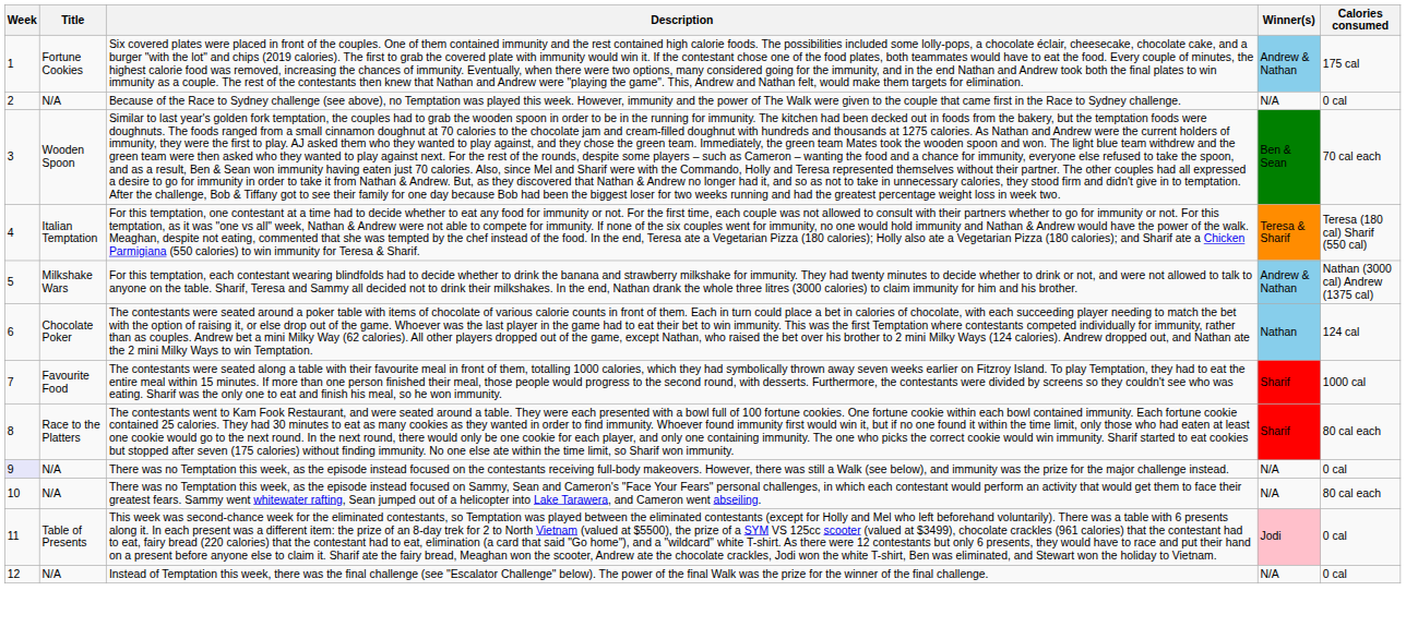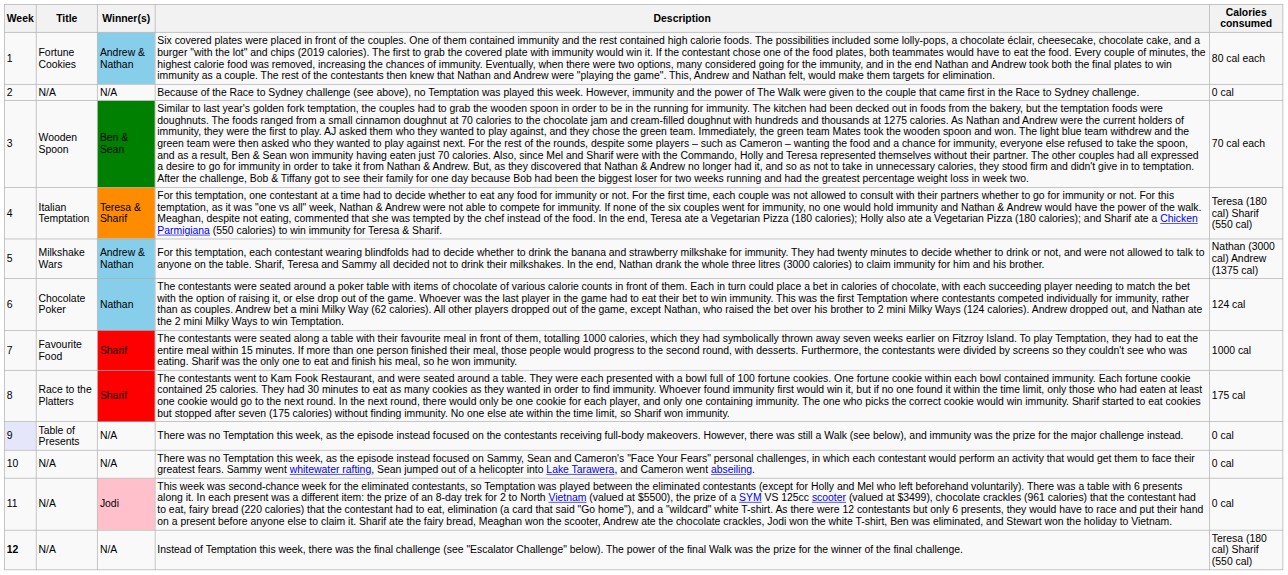 <table class="wikitable">
 <tr>
 <th>Week</th>
 <th>Title</th>
+<th>Winner(s)</th>
 <th>Description</th>
-<th>Winner(s)</th>
 <th>Calories consumed</th>
 </tr>
 <tr>
 <td>1</td>
 <td>Fortune Cookies</td>
+<td style="background:skyblue;">Andrew & Nathan</td>
 <td>Six covered plates were placed in front of the couples. One of them contained immunity and the rest contained high calorie foods. The possibilities included some lolly-pops, a chocolate éclair, cheesecake, chocolate cake, and a burger "with the lot" and chips (2019 calories). The first to grab the covered plate with immunity would win it. If the contestant chose one of the food plates, both teammates would have to eat the food. Every couple of minutes, the highest calorie food was removed, increasing the chances of immunity. Eventually, when there were two options, many considered going for the immunity, and in the end Nathan and Andrew took both the final plates to win immunity as a couple. The rest of the contestants then knew that Nathan and Andrew were "playing the game". This, Andrew and Nathan felt, would make them targets for elimination.</td>
-<td style="background:skyblue;">Andrew & Nathan</td>
-<td>175 cal</td>
+<td>80 cal each</td>
 </tr>
 <tr>
 <td>2</td>
 <td>N/A</td>
+<td>N/A</td>
 <td>Because of the Race to Sydney challenge (see above), no Temptation was played this week. However, immunity and the power of The Walk were given to the couple that came first in the Race to Sydney challenge.</td>
-<td>N/A</td>
 <td>0 cal</td>
 </tr>
 <tr>
 <td>3</td>
 <td>Wooden Spoon</td>
+<td style="background:green;"><span>Ben & Sean</span></td>
 <td>Similar to last year's golden fork temptation, the couples had to grab the wooden spoon in order to be in the running for immunity. The kitchen had been decked out in foods from the bakery, but the temptation foods were doughnuts. The foods ranged from a small cinnamon doughnut at 70 calories to the chocolate jam and cream-filled doughnut with hundreds and thousands at 1275 calories. As Nathan and Andrew were the current holders of immunity, they were the first to play. AJ asked them who they wanted to play against, and they chose the green team. Immediately, the green team Mates took the wooden spoon and won. The light blue team withdrew and the green team were then asked who they wanted to play against next. For the rest of the rounds, despite some players – such as Cameron – wanting the food and a chance for immunity, everyone else refused to take the spoon, and as a result, Ben & Sean won immunity having eaten just 70 calories. Also, since Mel and Sharif were with the Commando, Holly and Teresa represented themselves without their partner. The other couples had all expressed a desire to go for immunity in order to take it from Nathan & Andrew. But, as they discovered that Nathan & Andrew no longer had it, and so as not to take in unnecessary calories, they stood firm and didn't give in to temptation. After the challenge, Bob & Tiffany got to see their family for one day because Bob had been the biggest loser for two weeks running and had the greatest percentage weight loss in week two.</td>
-<td style="background:green;"><span>Ben & Sean</span></td>
 <td>70 cal each</td>
 </tr>
 <tr>
 <td>4</td>
 <td>Italian Temptation</td>
+<td style="background:darkorange;">Teresa & Sharif</td>
 <td>For this temptation, one contestant at a time had to decide whether to eat any food for immunity or not. For the first time, each couple was not allowed to consult with their partners whether to go for immunity or not. For this temptation, as it was "one vs all" week, Nathan & Andrew were not able to compete for immunity. If none of the six couples went for immunity, no one would hold immunity and Nathan & Andrew would have the power of the walk. Meaghan, despite not eating, commented that she was tempted by the chef instead of the food. In the end, Teresa ate a Vegetarian Pizza (180 calories); Holly also ate a Vegetarian Pizza (180 calories); and Sharif ate a <a href='#'>Chicken Parmigiana</a> (550 calories) to win immunity for Teresa & Sharif.</td>
-<td style="background:darkorange;">Teresa & Sharif</td>
 <td>Teresa (180 cal) Sharif (550 cal)</td>
 </tr>
 <tr>
 <td>5</td>
 <td>Milkshake Wars</td>
+<td style="background:skyblue;">Andrew & Nathan</td>
 <td>For this temptation, each contestant wearing blindfolds had to decide whether to drink the banana and strawberry milkshake for immunity. They had twenty minutes to decide whether to drink or not, and were not allowed to talk to anyone on the table. Sharif, Teresa and Sammy all decided not to drink their milkshakes. In the end, Nathan drank the whole three litres (3000 calories) to claim immunity for him and his brother.</td>
-<td style="background:skyblue;">Andrew & Nathan</td>
 <td>Nathan (3000 cal) Andrew (1375 cal)</td>
 </tr>
 <tr>
 <td>6</td>
 <td>Chocolate Poker</td>
+<td style="background:skyblue;">Nathan</td>
 <td>The contestants were seated around a poker table with items of chocolate of various calorie counts in front of them. Each in turn could place a bet in calories of chocolate, with each succeeding player needing to match the bet with the option of raising it, or else drop out of the game. Whoever was the last player in the game had to eat their bet to win immunity. This was the first Temptation where contestants competed individually for immunity, rather than as couples. Andrew bet a mini Milky Way (62 calories). All other players dropped out of the game, except Nathan, who raised the bet over his brother to 2 mini Milky Ways (124 calories). Andrew dropped out, and Nathan ate the 2 mini Milky Ways to win Temptation.</td>
-<td style="background:skyblue;">Nathan</td>
 <td>124 cal</td>
 </tr>
 <tr>
 <td>7</td>
 <td>Favourite Food</td>
+<td style="background:red;"><span>Sharif</span></td>
 <td>The contestants were seated along a table with their favourite meal in front of them, totalling 1000 calories, which they had symbolically thrown away seven weeks earlier on Fitzroy Island. To play Temptation, they had to eat the entire meal within 15 minutes. If more than one person finished their meal, those people would progress to the second round, with desserts. Furthermore, the contestants were divided by screens so they couldn't see who was eating. Sharif was the only one to eat and finish his meal, so he won immunity.</td>
-<td style="background:red;"><span>Sharif</span></td>
 <td>1000 cal</td>
 </tr>
 <tr>
 <td>8</td>
 <td>Race to the Platters</td>
+<td style="background:red;"><span>Sharif</span></td>
 <td>The contestants went to Kam Fook Restaurant, and were seated around a table. They were each presented with a bowl full of 100 fortune cookies. One fortune cookie within each bowl contained immunity. Each fortune cookie contained 25 calories. They had 30 minutes to eat as many cookies as they wanted in order to find immunity. Whoever found immunity first would win it, but if no one found it within the time limit, only those who had eaten at least one cookie would go to the next round. In the next round, there would only be one cookie for each player, and only one containing immunity. The one who picks the correct cookie would win immunity. Sharif started to eat cookies but stopped after seven (175 calories) without finding immunity. No one else ate within the time limit, so Sharif won immunity.</td>
-<td style="background:red;"><span>Sharif</span></td>
-<td>80 cal each</td>
+<td>175 cal</td>
 </tr>
 <tr>
 <td style="background: lavender;">9</td>
+<td>Table of Presents</td>
 <td>N/A</td>
 <td>There was no Temptation this week, as the episode instead focused on the contestants receiving full-body makeovers. However, there was still a Walk (see below), and immunity was the prize for the major challenge instead.</td>
-<td>N/A</td>
 <td>0 cal</td>
 </tr>
 <tr>
 <td>10</td>
 <td>N/A</td>
+<td>N/A</td>
 <td>There was no Temptation this week, as the episode instead focused on Sammy, Sean and Cameron's "Face Your Fears" personal challenges, in which each contestant would perform an activity that would get them to face their greatest fears. Sammy went <a href='#'>whitewater rafting</a>, Sean jumped out of a helicopter into <a href='#'>Lake Tarawera</a>, and Cameron went <a href='#'>abseiling</a>.</td>
-<td>N/A</td>
-<td>80 cal each</td>
+<td>0 cal</td>
 </tr>
 <tr>
 <td>11</td>
-<td>Table of Presents</td>
+<td>N/A</td>
+<td style="background:pink;">Jodi</td>
 <td>This week was second-chance week for the eliminated contestants, so Temptation was played between the eliminated contestants (except for Holly and Mel who left beforehand voluntarily). There was a table with 6 presents along it. In each present was a different item: the prize of an 8-day trek for 2 to North <a href='#'>Vietnam</a> (valued at $5500), the prize of a <a href='#'>SYM</a> VS 125cc <a href='#'>scooter</a> (valued at $3499), chocolate crackles (961 calories) that the contestant had to eat, fairy bread (220 calories) that the contestant had to eat, elimination (a card that said "Go home"), and a "wildcard" white T-shirt. As there were 12 contestants but only 6 presents, they would have to race and put their hand on a present before anyone else to claim it. Sharif ate the fairy bread, Meaghan won the scooter, Andrew ate the chocolate crackles, Jodi won the white T-shirt, Ben was eliminated, and Stewart won the holiday to Vietnam.</td>
-<td style="background:pink;">Jodi</td>
 <td>0 cal</td>
 </tr>
 <tr>
-<td>12</td>
+<td><strong>12</strong></td>
+<td>N/A</td>
 <td>N/A</td>
 <td>Instead of Temptation this week, there was the final challenge (see "Escalator Challenge" below). The power of the final Walk was the prize for the winner of the final challenge.</td>
-<td>N/A</td>
-<td>0 cal</td>
+<td>Teresa (180 cal) Sharif (550 cal)</td>
 </tr>
 </table>
